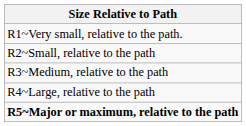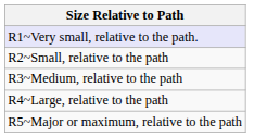 <table class="wikitable">
 <tr>
 <th>Size Relative to Path</th>
 </tr>
 <tr>
-<td>R1~Very small, relative to the path.</td>
+<td style="background: lavender;">R1~Very small, relative to the path.</td>
 </tr>
 <tr>
 <td>R2~Small, relative to the path</td>
 </tr>
 <tr>
 <td>R3~Medium, relative to the path</td>
 </tr>
 <tr>
 <td>R4~Large, relative to the path</td>
 </tr>
 <tr>
-<td><strong>R5~Major or maximum, relative to the path</strong></td>
+<td>R5~Major or maximum, relative to the path</td>
 </tr>
 </table>
